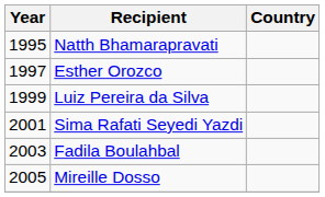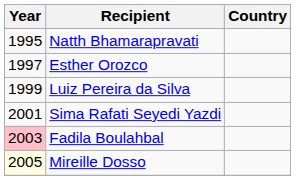 <table align="center" class="wikitable">
 <tr>
 <th>Year</th>
 <th>Recipient</th>
 <th>Country</th>
 </tr>
 <tr>
 <td>1995</td>
 <td><a href='#'>Natth Bhamarapravati</a></td>
 <td></td>
 </tr>
 <tr>
 <td>1997</td>
 <td><a href='#'>Esther Orozco</a></td>
 <td></td>
 </tr>
 <tr>
 <td>1999</td>
 <td><a href='#'>Luiz Pereira da Silva</a></td>
 <td></td>
 </tr>
 <tr>
 <td>2001</td>
 <td><a href='#'>Sima Rafati Seyedi Yazdi</a></td>
 <td></td>
 </tr>
 <tr>
-<td>2003</td>
+<td style="background: pink;">2003</td>
 <td><a href='#'>Fadila Boulahbal</a></td>
 <td></td>
 </tr>
 <tr>
-<td>2005</td>
+<td style="background: lightyellow;">2005</td>
 <td><a href='#'>Mireille Dosso</a></td>
 <td></td>
 </tr>
 <tr>
 </tr>
 </table>
